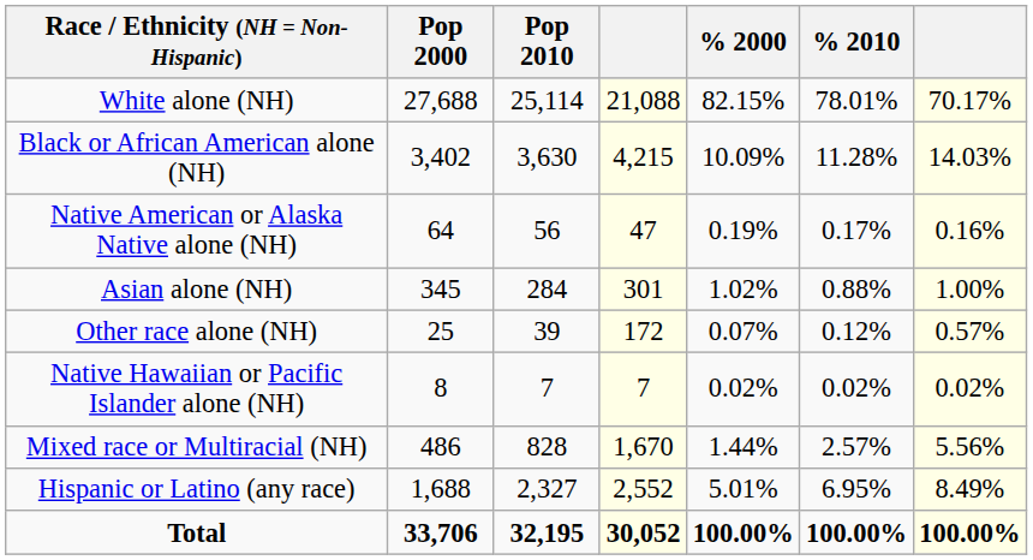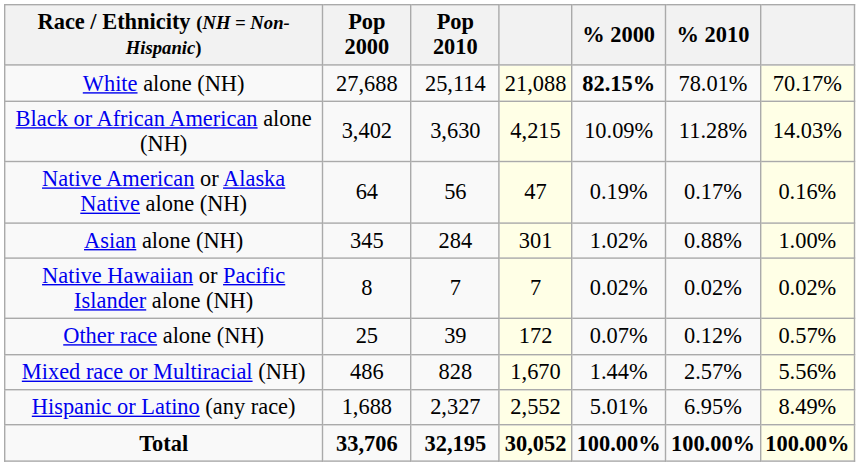 <table class="wikitable" style="text-align:center;">
 <tr>
 <th>Race / Ethnicity <small>(<em>NH = Non-Hispanic</em>)</small></th>
 <th>Pop 2000</th>
 <th>Pop 2010</th>
 <th></th>
 <th>% 2000</th>
 <th>% 2010</th>
 <th></th>
 </tr>
 <tr>
 <td><a href='#'>White</a> alone (NH)</td>
 <td>27,688</td>
 <td>25,114</td>
 <td style='background: #ffffe6;'>21,088</td>
-<td>82.15%</td>
+<td><strong>82.15%</strong></td>
 <td>78.01%</td>
 <td style='background: #ffffe6;'>70.17%</td>
 </tr>
 <tr>
 <td><a href='#'>Black or African American</a> alone (NH)</td>
 <td>3,402</td>
 <td>3,630</td>
 <td style='background: #ffffe6;'>4,215</td>
 <td>10.09%</td>
 <td>11.28%</td>
 <td style='background: #ffffe6;'>14.03%</td>
 </tr>
 <tr>
 <td><a href='#'>Native American</a> or <a href='#'>Alaska Native</a> alone (NH)</td>
 <td>64</td>
 <td>56</td>
 <td style='background: #ffffe6;'>47</td>
 <td>0.19%</td>
 <td>0.17%</td>
 <td style='background: #ffffe6;'>0.16%</td>
 </tr>
 <tr>
 <td><a href='#'>Asian</a> alone (NH)</td>
 <td>345</td>
 <td>284</td>
 <td style='background: #ffffe6;'>301</td>
 <td>1.02%</td>
 <td>0.88%</td>
 <td style='background: #ffffe6;'>1.00%</td>
 </tr>
 <tr>
+<td><a href='#'>Native Hawaiian</a> or <a href='#'>Pacific Islander</a> alone (NH)</td>
+<td>8</td>
+<td>7</td>
+<td style='background: #ffffe6;'>7</td>
+<td>0.02%</td>
+<td>0.02%</td>
+<td style='background: #ffffe6;'>0.02%</td>
+</tr>
+<tr>
 <td><a href='#'>Other race</a> alone (NH)</td>
 <td>25</td>
 <td>39</td>
 <td style='background: #ffffe6;'>172</td>
 <td>0.07%</td>
 <td>0.12%</td>
 <td style='background: #ffffe6;'>0.57%</td>
-</tr>
-<tr>
-<td><a href='#'>Native Hawaiian</a> or <a href='#'>Pacific Islander</a> alone (NH)</td>
-<td>8</td>
-<td>7</td>
-<td style='background: #ffffe6;'>7</td>
-<td>0.02%</td>
-<td>0.02%</td>
-<td style='background: #ffffe6;'>0.02%</td>
 </tr>
 <tr>
 <td><a href='#'>Mixed race or Multiracial</a> (NH)</td>
 <td>486</td>
 <td>828</td>
 <td style='background: #ffffe6;'>1,670</td>
 <td>1.44%</td>
 <td>2.57%</td>
 <td style='background: #ffffe6;'>5.56%</td>
 </tr>
 <tr>
 <td><a href='#'>Hispanic or Latino</a> (any race)</td>
 <td>1,688</td>
 <td>2,327</td>
 <td style='background: #ffffe6;'>2,552</td>
 <td>5.01%</td>
 <td>6.95%</td>
 <td style='background: #ffffe6;'>8.49%</td>
 </tr>
 <tr>
 <td><strong>Total</strong></td>
 <td><strong>33,706</strong></td>
 <td><strong>32,195</strong></td>
 <td style='background: #ffffe6;'><strong>30,052</strong></td>
 <td><strong>100.00%</strong></td>
 <td><strong>100.00%</strong></td>
 <td style='background: #ffffe6;'><strong>100.00%</strong></td>
 </tr>
 </table>
